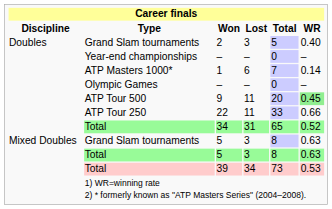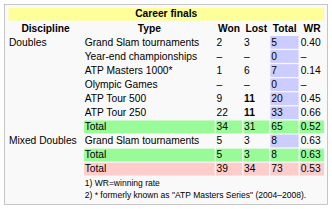 <table class="infobox vcard vevent" style="width:40%;">
 <tr bgcolor=FFFF99>
 <th colspan=6>Career finals</th>
 </tr>
 <tr>
 <th>Discipline</th>
 <th>Type</th>
 <th>Won</th>
 <th>Lost</th>
 <th>Total</th>
 <th>WR</th>
 </tr>
 <tr>
 <td rowspan=7>Doubles</td>
 <td>Grand Slam tournaments</td>
 <td>2</td>
 <td>3</td>
 <td bgcolor=CCCCFF>5</td>
 <td>0.40</td>
 </tr>
 <tr>
 <td>Year-end championships</td>
 <td>–</td>
 <td>–</td>
 <td bgcolor=CCCCFF>0</td>
 <td>–</td>
 </tr>
 <tr>
 <td>ATP Masters 1000*</td>
 <td>1</td>
 <td>6</td>
 <td bgcolor=CCCCFF>7</td>
 <td>0.14</td>
 </tr>
 <tr>
 <td>Olympic Games</td>
 <td>–</td>
 <td>–</td>
 <td bgcolor=CCCCFF>0</td>
 <td>–</td>
 </tr>
 <tr>
 <td>ATP Tour 500</td>
 <td>9</td>
-<td>11</td>
+<td><strong>11</strong></td>
 <td bgcolor=CCCCFF>20</td>
-<td style="background: lightgreen;">0.45</td>
+<td>0.45</td>
 </tr>
 <tr>
 <td>ATP Tour 250</td>
 <td>22</td>
-<td>11</td>
+<td><strong>11</strong></td>
 <td bgcolor=CCCCFF>33</td>
 <td>0.66</td>
 </tr>
 <tr bgcolor=98fb98>
 <td>Total</td>
 <td>34</td>
 <td>31</td>
 <td>65</td>
 <td>0.52</td>
 </tr>
 <tr>
 <td rowspan=6>Mixed Doubles</td>
 <td>Grand Slam tournaments</td>
 <td>5</td>
 <td>3</td>
 <td bgcolor=CCCCFF>8</td>
 <td>0.63</td>
 </tr>
 <tr bgcolor=98FB98>
 <td>Total</td>
 <td>5</td>
 <td>3</td>
 <td>8</td>
 <td>0.63</td>
 </tr>
 <tr bgcolor=FFCCCC>
 <td colspan=1>Total</td>
 <td>39</td>
 <td>34</td>
 <td>73</td>
 <td>0.53</td>
 </tr>
 <tr>
 <td colspan=6><small>1) WR=winning rate <br>2) * formerly known as "ATP Masters Series" (2004–2008).</small></td>
 </tr>
 </table>
